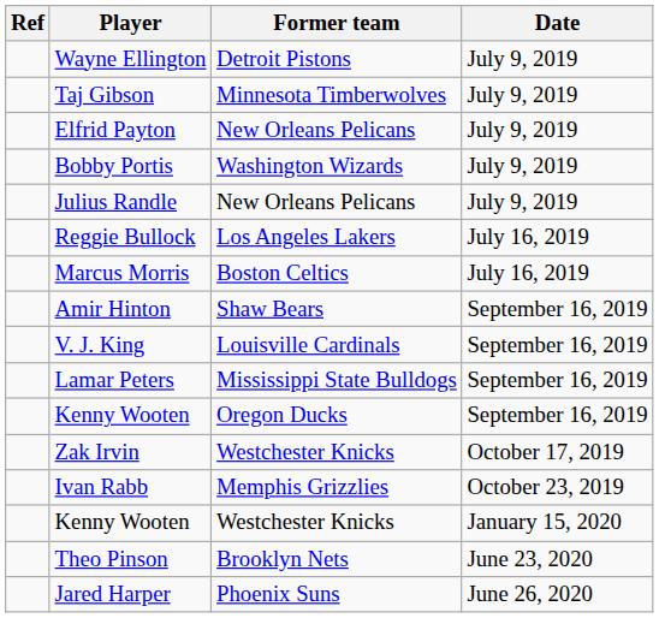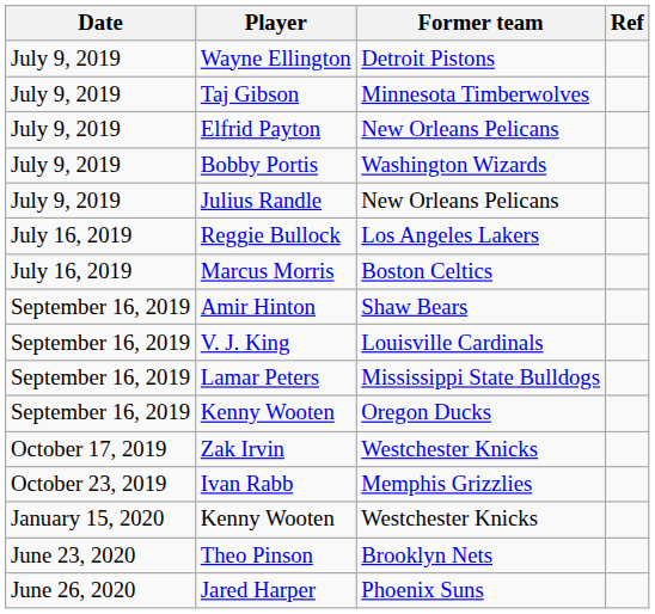 <table class="wikitable" style="text-align:left;">
 <tr>
-<th>Ref</th>
+<th>Date</th>
 <th>Player</th>
 <th>Former team</th>
-<th>Date</th>
+<th>Ref</th>
 </tr>
 <tr>
-<td></td>
+<td>July 9, 2019</td>
 <td><a href='#'>Wayne Ellington</a></td>
 <td><a href='#'>Detroit Pistons</a></td>
-<td>July 9, 2019</td>
+<td></td>
 </tr>
 <tr>
-<td></td>
+<td>July 9, 2019</td>
 <td><a href='#'>Taj Gibson</a></td>
 <td><a href='#'>Minnesota Timberwolves</a></td>
-<td>July 9, 2019</td>
+<td></td>
 </tr>
 <tr>
-<td></td>
+<td>July 9, 2019</td>
 <td><a href='#'>Elfrid Payton</a></td>
 <td><a href='#'>New Orleans Pelicans</a></td>
-<td>July 9, 2019</td>
+<td></td>
 </tr>
 <tr>
-<td></td>
+<td>July 9, 2019</td>
 <td><a href='#'>Bobby Portis</a></td>
 <td><a href='#'>Washington Wizards</a></td>
-<td>July 9, 2019</td>
+<td></td>
 </tr>
 <tr>
-<td></td>
+<td>July 9, 2019</td>
 <td><a href='#'>Julius Randle</a></td>
 <td>New Orleans Pelicans</td>
-<td>July 9, 2019</td>
+<td></td>
 </tr>
 <tr>
-<td></td>
+<td>July 16, 2019</td>
 <td><a href='#'>Reggie Bullock</a></td>
 <td><a href='#'>Los Angeles Lakers</a></td>
-<td>July 16, 2019</td>
+<td></td>
 </tr>
 <tr>
-<td></td>
+<td>July 16, 2019</td>
 <td><a href='#'>Marcus Morris</a></td>
 <td><a href='#'>Boston Celtics</a></td>
-<td>July 16, 2019</td>
+<td></td>
 </tr>
 <tr>
-<td></td>
+<td>September 16, 2019</td>
 <td><a href='#'>Amir Hinton</a></td>
 <td><a href='#'>Shaw Bears</a></td>
-<td>September 16, 2019</td>
+<td></td>
 </tr>
 <tr>
-<td></td>
+<td>September 16, 2019</td>
 <td><a href='#'>V. J. King</a></td>
 <td><a href='#'>Louisville Cardinals</a></td>
-<td>September 16, 2019</td>
+<td></td>
 </tr>
 <tr>
-<td></td>
+<td>September 16, 2019</td>
 <td><a href='#'>Lamar Peters</a></td>
 <td><a href='#'>Mississippi State Bulldogs</a></td>
-<td>September 16, 2019</td>
+<td></td>
 </tr>
 <tr>
-<td></td>
+<td>September 16, 2019</td>
 <td><a href='#'>Kenny Wooten</a></td>
 <td><a href='#'>Oregon Ducks</a></td>
-<td>September 16, 2019</td>
+<td></td>
 </tr>
 <tr>
-<td></td>
+<td>October 17, 2019</td>
 <td><a href='#'>Zak Irvin</a></td>
 <td><a href='#'>Westchester Knicks</a></td>
-<td>October 17, 2019</td>
+<td></td>
 </tr>
 <tr>
-<td></td>
+<td>October 23, 2019</td>
 <td><a href='#'>Ivan Rabb</a></td>
 <td><a href='#'>Memphis Grizzlies</a></td>
-<td>October 23, 2019</td>
+<td></td>
 </tr>
 <tr>
-<td></td>
+<td>January 15, 2020</td>
 <td>Kenny Wooten</td>
 <td>Westchester Knicks</td>
-<td>January 15, 2020</td>
+<td></td>
 </tr>
 <tr>
-<td></td>
+<td>June 23, 2020</td>
 <td><a href='#'>Theo Pinson</a></td>
 <td><a href='#'>Brooklyn Nets</a></td>
-<td>June 23, 2020</td>
+<td></td>
 </tr>
 <tr>
-<td></td>
+<td>June 26, 2020</td>
 <td><a href='#'>Jared Harper</a></td>
 <td><a href='#'>Phoenix Suns</a></td>
-<td>June 26, 2020</td>
+<td></td>
 </tr>
 </table>
